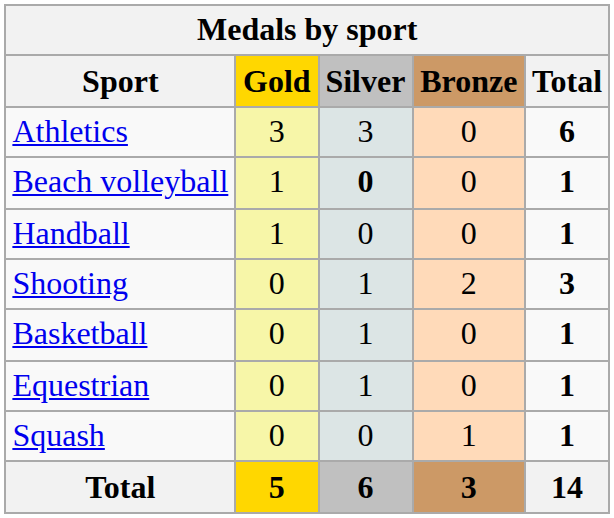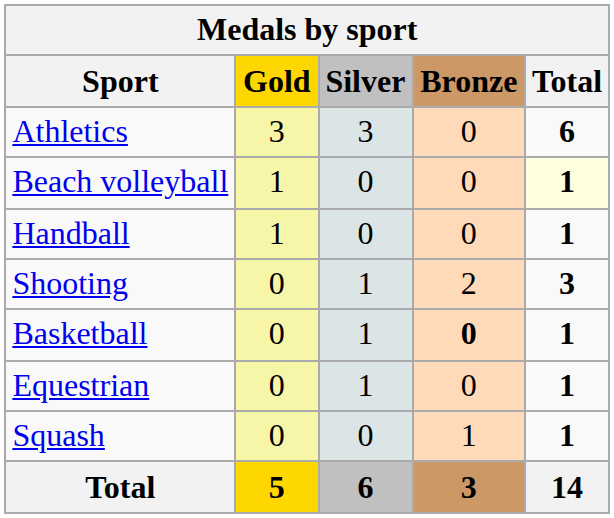 <table class="wikitable sortable"style="font-size:100%; text-align:center;">
 <tr style="background:#efefef;">
 <th colspan=5>Medals by sport</th>
 </tr>
 <tr>
 <th><strong>Sport</strong></th>
 <th style="background-color:gold;"><strong>Gold </strong></th>
 <th style="background-color:silver;"><strong>Silver </strong></th>
 <th style="background-color:#c96;"><strong>Bronze </strong></th>
 <th><strong>Total</strong></th>
 </tr>
 <tr>
 <td align=left> <a href='#'>Athletics</a></td>
 <td style="background:#F7F6A8;">3</td>
 <td style="background:#DCE5E5;">3</td>
 <td style="background:#FFDAB9;">0</td>
 <td><strong>6</strong></td>
 </tr>
 <tr>
 <td align=left> <a href='#'>Beach volleyball</a></td>
 <td style="background:#F7F6A8;">1</td>
-<td style="background:#DCE5E5;"><strong>0</strong></td>
+<td style="background:#DCE5E5;">0</td>
 <td style="background:#FFDAB9;">0</td>
-<td><strong>1</strong></td>
+<td style="background: lightyellow;"><strong>1</strong></td>
 </tr>
 <tr>
 <td align=left> <a href='#'>Handball</a></td>
 <td style="background:#F7F6A8;">1</td>
 <td style="background:#DCE5E5;">0</td>
 <td style="background:#FFDAB9;">0</td>
 <td><strong>1</strong></td>
 </tr>
 <tr>
 <td align=left> <a href='#'>Shooting</a></td>
 <td style="background:#F7F6A8;">0</td>
 <td style="background:#DCE5E5;">1</td>
 <td style="background:#FFDAB9;">2</td>
 <td><strong>3</strong></td>
 </tr>
 <tr>
 <td align=left> <a href='#'>Basketball</a></td>
 <td style="background:#F7F6A8;">0</td>
 <td style="background:#DCE5E5;">1</td>
-<td style="background:#FFDAB9;">0</td>
+<td style="background:#FFDAB9;"><strong>0</strong></td>
 <td><strong>1</strong></td>
 </tr>
 <tr>
 <td align=left> <a href='#'>Equestrian</a></td>
 <td style="background:#F7F6A8;">0</td>
 <td style="background:#DCE5E5;">1</td>
 <td style="background:#FFDAB9;">0</td>
 <td><strong>1</strong></td>
 </tr>
 <tr>
 <td align=left> <a href='#'>Squash</a></td>
 <td style="background:#F7F6A8;">0</td>
 <td style="background:#DCE5E5;">0</td>
 <td style="background:#FFDAB9;">1</td>
 <td><strong>1</strong></td>
 </tr>
 <tr>
 <th>Total</th>
 <th style="background:gold;">5</th>
 <th style="background:silver;">6</th>
 <th style="background:#c96;">3</th>
 <th>14</th>
 </tr>
 </table>
